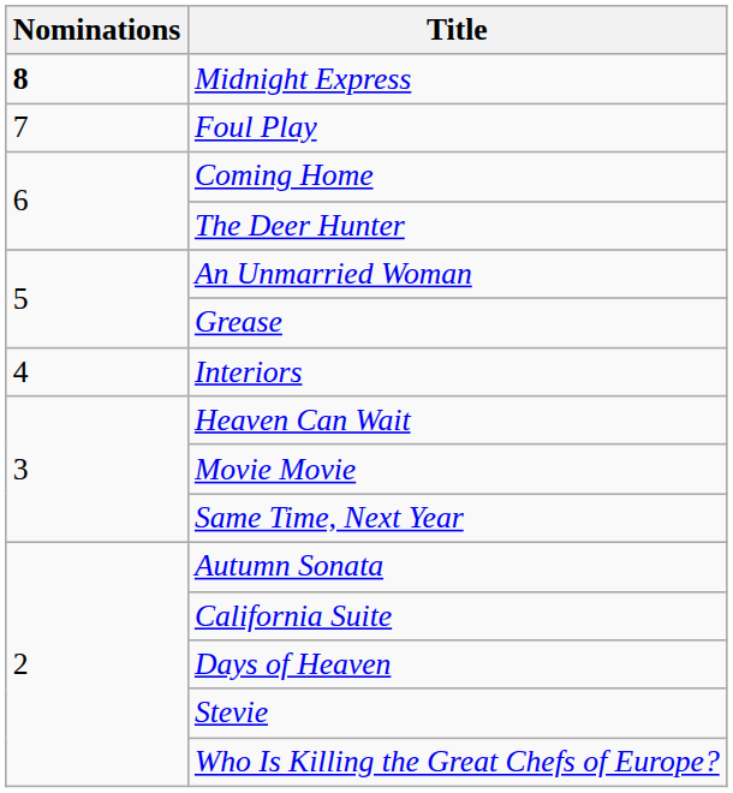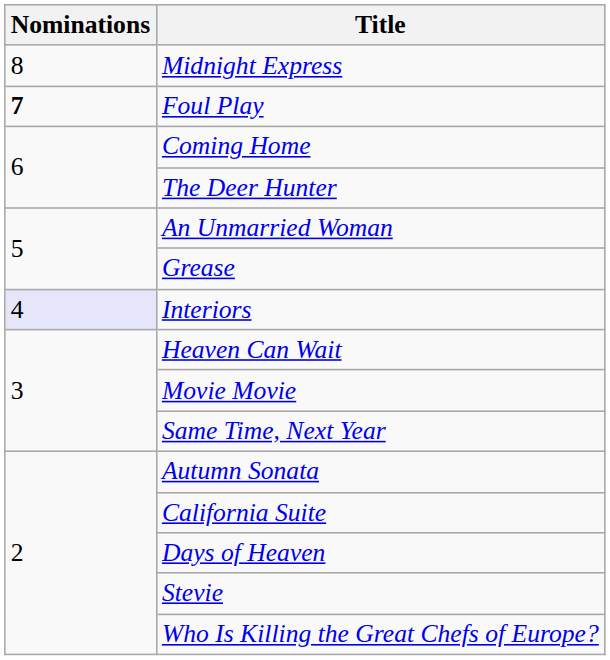 <table class="wikitable">
 <tr>
 <th>Nominations</th>
 <th>Title</th>
 </tr>
 <tr>
-<td><strong>8</strong></td>
+<td>8</td>
 <td><em><a href='#'>Midnight Express</a></em></td>
 </tr>
 <tr>
-<td>7</td>
+<td><strong>7</strong></td>
 <td><em><a href='#'>Foul Play</a></em></td>
 </tr>
 <tr>
 <td rowspan="2">6</td>
 <td><em><a href='#'>Coming Home</a></em></td>
 </tr>
 <tr>
 <td><em><a href='#'>The Deer Hunter</a></em></td>
 </tr>
 <tr>
 <td rowspan="2">5</td>
 <td><em><a href='#'>An Unmarried Woman</a></em></td>
 </tr>
 <tr>
 <td><em><a href='#'>Grease</a></em></td>
 </tr>
 <tr>
-<td>4</td>
+<td style="background: lavender;">4</td>
 <td><em><a href='#'>Interiors</a></em></td>
 </tr>
 <tr>
 <td rowspan="3">3</td>
 <td><em><a href='#'>Heaven Can Wait</a></em></td>
 </tr>
 <tr>
 <td><em><a href='#'>Movie Movie</a></em></td>
 </tr>
 <tr>
 <td><em><a href='#'>Same Time, Next Year</a></em></td>
 </tr>
 <tr>
 <td rowspan="5">2</td>
 <td><em><a href='#'>Autumn Sonata</a></em></td>
 </tr>
 <tr>
 <td><em><a href='#'>California Suite</a></em></td>
 </tr>
 <tr>
 <td><em><a href='#'>Days of Heaven</a></em></td>
 </tr>
 <tr>
 <td><em><a href='#'>Stevie</a></em></td>
 </tr>
 <tr>
 <td><em><a href='#'>Who Is Killing the Great Chefs of Europe?</a></em></td>
 </tr>
 </table>
